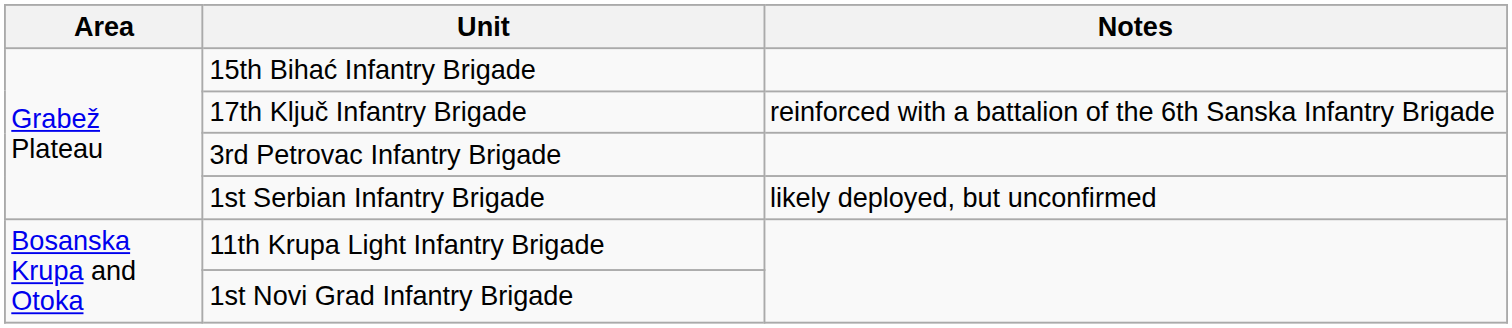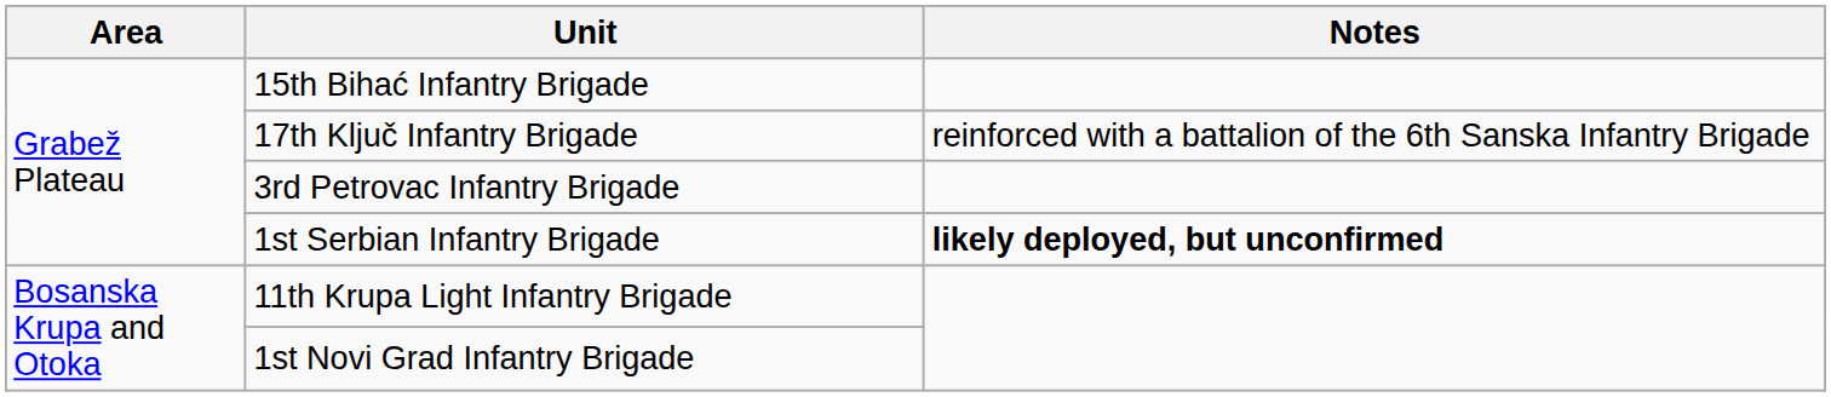 <table class="plainrowheaders wikitable collapsible collapsed"  style="cellspacing=2px; text-align:left; font-size:90%; width:800px;">
 <tr style="font-size:100%; text-align:right;">
 <th style="width:100px;" scope="col">Area</th>
 <th style="width:300px;" scope="col">Unit</th>
 <th style="width:400px;" scope="col">Notes</th>
 </tr>
 <tr>
 <td rowspan=4><a href='#'>Grabež</a> Plateau</td>
 <td>15th Bihać Infantry Brigade</td>
 <td></td>
 </tr>
 <tr>
 <td>17th Ključ Infantry Brigade</td>
 <td>reinforced with a battalion of the 6th Sanska Infantry Brigade</td>
 </tr>
 <tr>
 <td>3rd Petrovac Infantry Brigade</td>
 <td></td>
 </tr>
 <tr>
 <td>1st Serbian Infantry Brigade</td>
-<td>likely deployed, but unconfirmed</td>
+<td><strong>likely deployed, but unconfirmed</strong></td>
 </tr>
 <tr>
 <td rowspan=3><a href='#'>Bosanska Krupa</a> and <a href='#'>Otoka</a></td>
 <td>11th Krupa Light Infantry Brigade</td>
 <td rowspan=2></td>
 </tr>
 <tr>
 <td>1st Novi Grad Infantry Brigade</td>
 </tr>
 </table>
